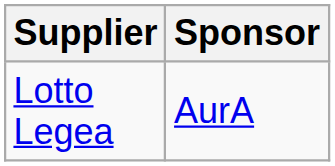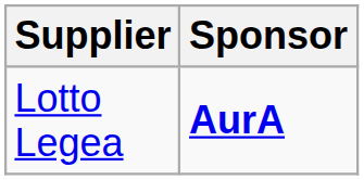 <table class="wikitable">
 <tr>
 <th>Supplier</th>
 <th>Sponsor</th>
 </tr>
 <tr>
 <td> <a href='#'>Lotto</a><br> <a href='#'>Legea</a></td>
-<td> <a href='#'>AurA</a></td>
+<td><strong> <a href='#'>AurA</a></strong></td>
 </tr>
 </table>
